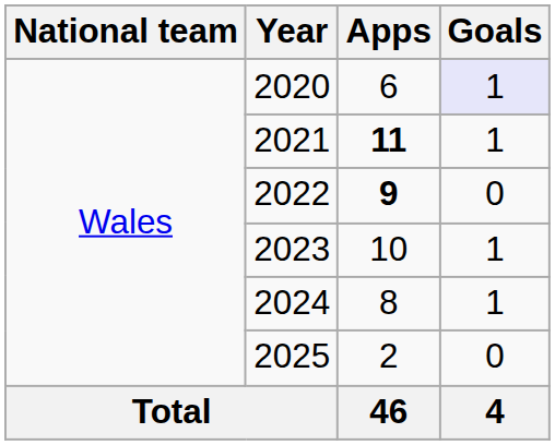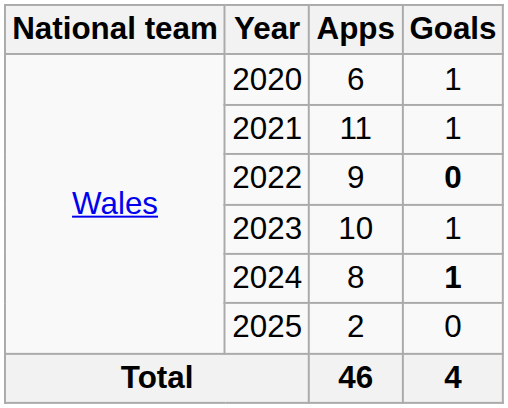 <table class="wikitable" style="text-align: center;">
 <tr>
 <th>National team</th>
 <th>Year</th>
 <th>Apps</th>
 <th>Goals</th>
 </tr>
 <tr>
 <td rowspan=6><a href='#'>Wales</a></td>
 <td>2020</td>
 <td>6</td>
-<td style="background: lavender;">1</td>
+<td>1</td>
 </tr>
 <tr>
 <td>2021</td>
-<td><strong>11</strong></td>
+<td>11</td>
 <td>1</td>
 </tr>
 <tr>
 <td>2022</td>
-<td><strong>9</strong></td>
-<td>0</td>
+<td>9</td>
+<td><strong>0</strong></td>
 </tr>
 <tr>
 <td>2023</td>
 <td>10</td>
 <td>1</td>
 </tr>
 <tr>
 <td>2024</td>
 <td>8</td>
-<td>1</td>
+<td><strong>1</strong></td>
 </tr>
 <tr>
 <td>2025</td>
 <td>2</td>
 <td>0</td>
 </tr>
 <tr>
 <th colspan=2>Total</th>
 <th>46</th>
 <th>4</th>
 </tr>
 </table>
